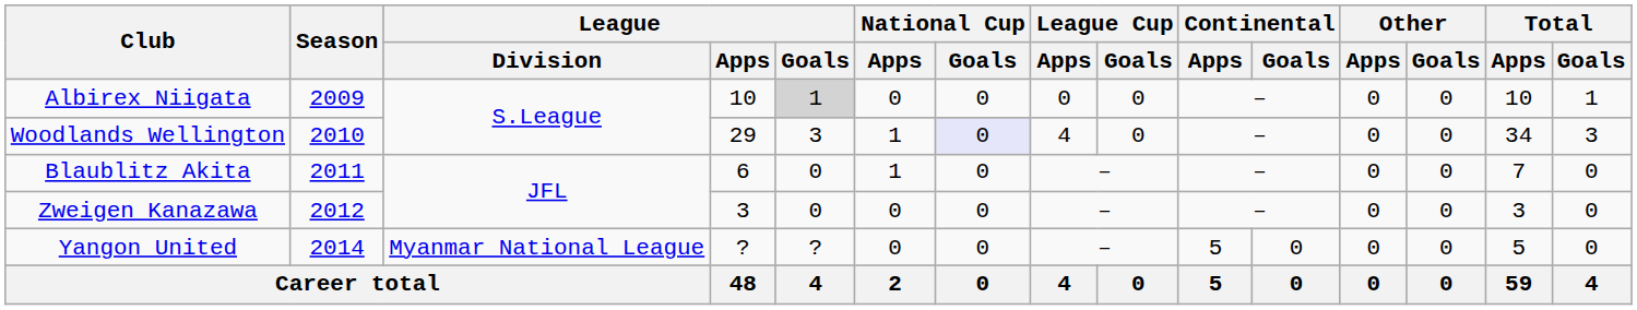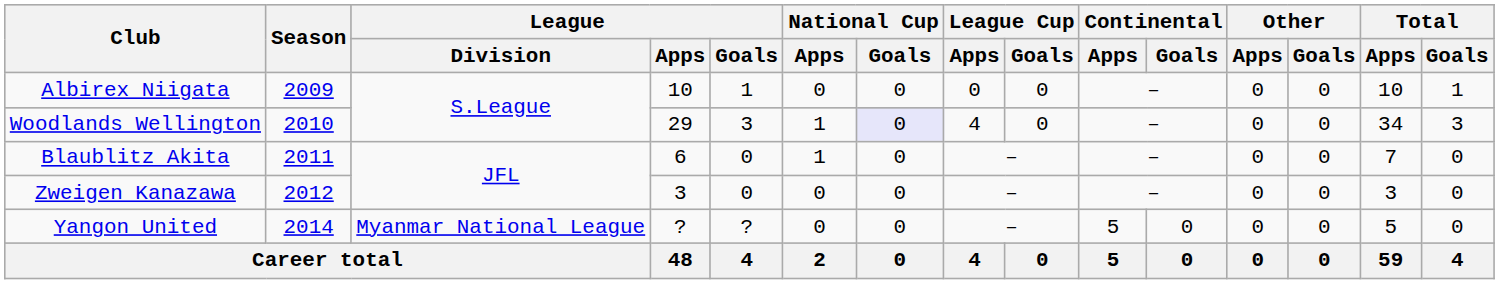 <table class="wikitable" style="text-align: center">
 <tr>
 <th rowspan="2">Club</th>
 <th rowspan="2">Season</th>
 <th colspan="3">League</th>
 <th colspan="2">National Cup</th>
 <th colspan="2">League Cup</th>
 <th colspan="2">Continental</th>
 <th colspan="2">Other</th>
 <th colspan="2">Total</th>
 </tr>
 <tr>
 <th>Division</th>
 <th>Apps</th>
 <th>Goals</th>
 <th>Apps</th>
 <th>Goals</th>
 <th>Apps</th>
 <th>Goals</th>
 <th>Apps</th>
 <th>Goals</th>
 <th>Apps</th>
 <th>Goals</th>
 <th>Apps</th>
 <th>Goals</th>
 </tr>
 <tr>
 <td><a href='#'>Albirex Niigata</a></td>
 <td><a href='#'>2009</a></td>
 <td rowspan="2"><a href='#'>S.League</a></td>
 <td>10</td>
-<td style="background: lightgrey;">1</td>
+<td>1</td>
 <td>0</td>
 <td>0</td>
 <td>0</td>
 <td>0</td>
 <td colspan="2">–</td>
 <td>0</td>
 <td>0</td>
 <td>10</td>
 <td>1</td>
 </tr>
 <tr>
 <td><a href='#'>Woodlands Wellington</a></td>
 <td><a href='#'>2010</a></td>
 <td>29</td>
 <td>3</td>
 <td>1</td>
 <td style="background: lavender;">0</td>
 <td>4</td>
 <td>0</td>
 <td colspan="2">–</td>
 <td>0</td>
 <td>0</td>
 <td>34</td>
 <td>3</td>
 </tr>
 <tr>
 <td><a href='#'>Blaublitz Akita</a></td>
 <td><a href='#'>2011</a></td>
 <td rowspan="2"><a href='#'>JFL</a></td>
 <td>6</td>
 <td>0</td>
 <td>1</td>
 <td>0</td>
 <td colspan="2">–</td>
 <td colspan="2">–</td>
 <td>0</td>
 <td>0</td>
 <td>7</td>
 <td>0</td>
 </tr>
 <tr>
 <td><a href='#'>Zweigen Kanazawa</a></td>
 <td><a href='#'>2012</a></td>
 <td>3</td>
 <td>0</td>
 <td>0</td>
 <td>0</td>
 <td colspan="2">–</td>
 <td colspan="2">–</td>
 <td>0</td>
 <td>0</td>
 <td>3</td>
 <td>0</td>
 </tr>
 <tr>
 <td><a href='#'>Yangon United</a></td>
 <td><a href='#'>2014</a></td>
 <td><a href='#'>Myanmar National League</a></td>
 <td>?</td>
 <td>?</td>
 <td>0</td>
 <td>0</td>
 <td colspan="2">–</td>
 <td>5</td>
 <td>0</td>
 <td>0</td>
 <td>0</td>
 <td>5</td>
 <td>0</td>
 </tr>
 <tr>
 <th colspan=3>Career total</th>
 <th>48</th>
 <th>4</th>
 <th>2</th>
 <th>0</th>
 <th>4</th>
 <th>0</th>
 <th>5</th>
 <th>0</th>
 <th>0</th>
 <th>0</th>
 <th>59</th>
 <th>4</th>
 </tr>
 </table>
